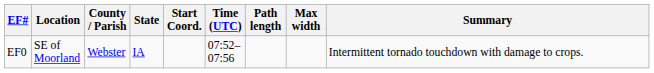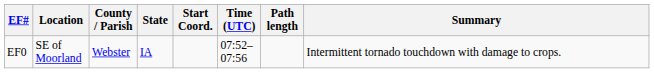 <table class="wikitable sortable" style="width:100%;">
 <tr>
 <th scope="col"  style="width:3%; text-align:center;"><a href='#'>EF#</a></th>
 <th scope="col"  style="width:7%; text-align:center;" class="unsortable">Location</th>
 <th scope="col"  style="width:6%; text-align:center;" class="unsortable">County / Parish</th>
 <th scope="col"  style="width:5%; text-align:center;">State</th>
 <th scope="col"  style="width:6%; text-align:center;">Start Coord.</th>
 <th scope="col"  style="width:6%; text-align:center;">Time (<a href='#'>UTC</a>)</th>
 <th scope="col"  style="width:6%; text-align:center;">Path length</th>
-<th scope="col"  style="width:6%; text-align:center;">Max width</th>
 <th scope="col" class="unsortable" style="width:48%; text-align:center;">Summary</th>
 </tr>
 <tr>
 <td>EF0</td>
 <td>SE of <a href='#'>Moorland</a></td>
 <td><a href='#'>Webster</a></td>
 <td><a href='#'>IA</a></td>
 <td></td>
 <td>07:52–07:56</td>
 <td></td>
-<td></td>
 <td>Intermittent tornado touchdown with damage to crops.</td>
 </tr>
 </table>
